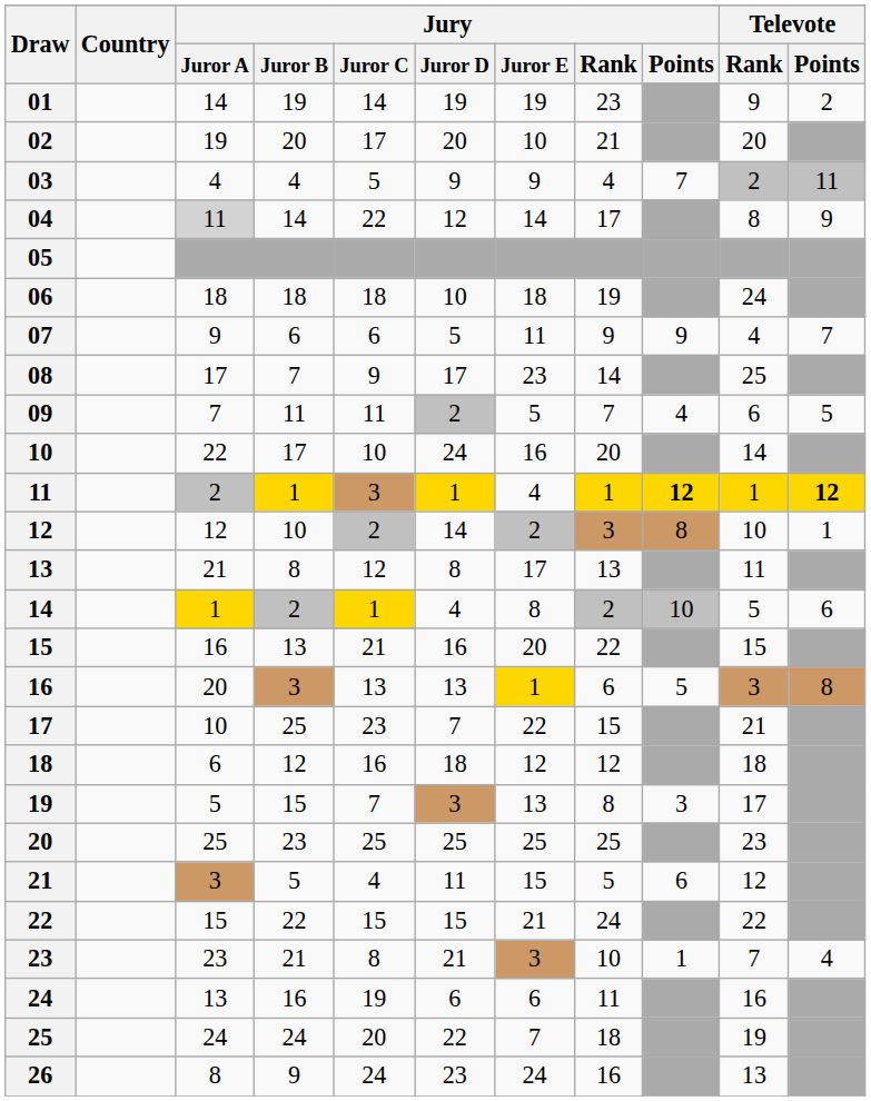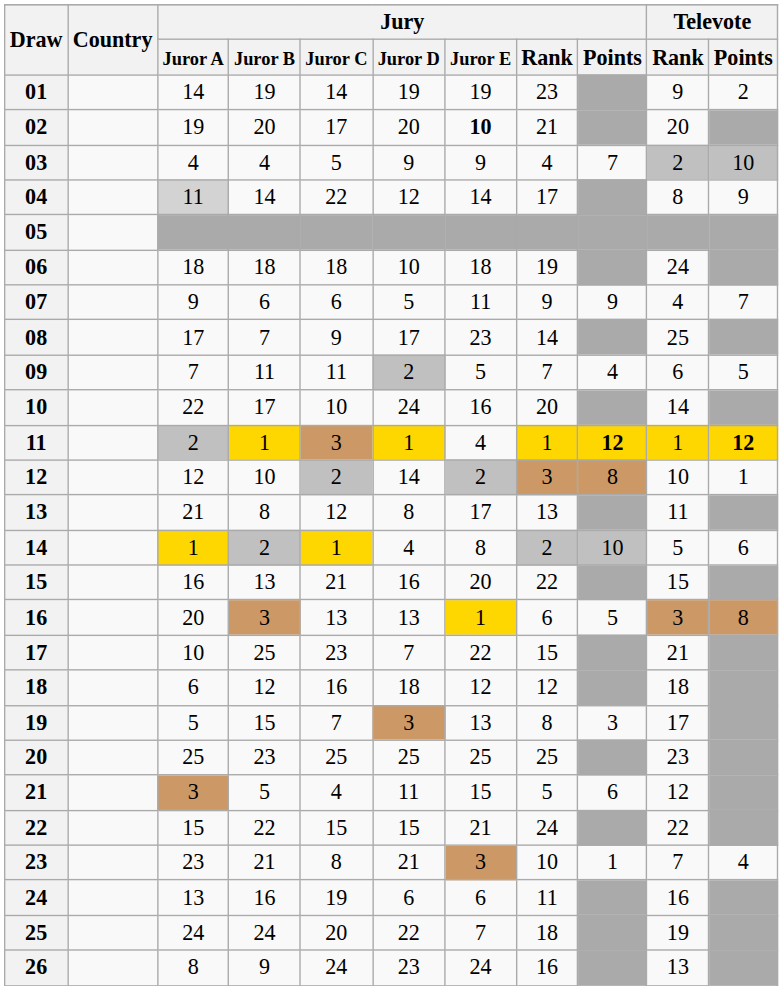 <table class="sortable wikitable collapsible plainrowheaders" style="text-align:center;">
 <tr>
 </tr>
 <tr>
 <th scope="col" rowspan="2">Draw</th>
 <th scope="col" rowspan="2">Country</th>
 <th scope="col" colspan="7">Jury</th>
 <th scope="col" colspan="2">Televote</th>
 </tr>
 <tr>
 <th scope="col"><small>Juror A</small></th>
 <th scope="col"><small>Juror B</small></th>
 <th scope="col"><small>Juror C</small></th>
 <th scope="col"><small>Juror D</small></th>
 <th scope="col"><small>Juror E</small></th>
 <th scope="col">Rank</th>
 <th scope="col" class="unsortable">Points</th>
 <th scope="col">Rank</th>
 <th scope="col" class="unsortable">Points</th>
 </tr>
 <tr>
 <th scope="row" style="text-align:center;">01</th>
 <td style="text-align:left;"></td>
 <td>14</td>
 <td>19</td>
 <td>14</td>
 <td>19</td>
 <td>19</td>
 <td>23</td>
 <td style="background:#AAAAAA;"></td>
 <td>9</td>
 <td>2</td>
 </tr>
 <tr>
 <th scope="row" style="text-align:center;">02</th>
 <td style="text-align:left;"></td>
 <td>19</td>
 <td>20</td>
 <td>17</td>
 <td>20</td>
-<td>10</td>
+<td><strong>10</strong></td>
 <td>21</td>
 <td style="background:#AAAAAA;"></td>
 <td>20</td>
 <td style="background:#AAAAAA;"></td>
 </tr>
 <tr>
 <th scope="row" style="text-align:center;">03</th>
 <td style="text-align:left;"></td>
 <td>4</td>
 <td>4</td>
 <td>5</td>
 <td>9</td>
 <td>9</td>
 <td>4</td>
 <td>7</td>
 <td style="background:silver;">2</td>
-<td style="background:silver;">11</td>
+<td style="background:silver;">10</td>
 </tr>
 <tr>
 <th scope="row" style="text-align:center;">04</th>
 <td style="text-align:left;"></td>
 <td style="background: lightgrey;">11</td>
 <td>14</td>
 <td>22</td>
 <td>12</td>
 <td>14</td>
 <td>17</td>
 <td style="background:#AAAAAA;"></td>
 <td>8</td>
 <td>9</td>
 </tr>
 <tr class=sortbottom>
 <th scope="row" style="text-align:center;">05</th>
 <td style="text-align:left;"></td>
 <td style="background:#AAAAAA;"></td>
 <td style="background:#AAAAAA;"></td>
 <td style="background:#AAAAAA;"></td>
 <td style="background:#AAAAAA;"></td>
 <td style="background:#AAAAAA;"></td>
 <td style="background:#AAAAAA;"></td>
 <td style="background:#AAAAAA;"></td>
 <td style="background:#AAAAAA;"></td>
 <td style="background:#AAAAAA;"></td>
 </tr>
 <tr>
 <th scope="row" style="text-align:center;">06</th>
 <td style="text-align:left;"></td>
 <td>18</td>
 <td>18</td>
 <td>18</td>
 <td>10</td>
 <td>18</td>
 <td>19</td>
 <td style="background:#AAAAAA;"></td>
 <td>24</td>
 <td style="background:#AAAAAA;"></td>
 </tr>
 <tr>
 <th scope="row" style="text-align:center;">07</th>
 <td style="text-align:left;"></td>
 <td>9</td>
 <td>6</td>
 <td>6</td>
 <td>5</td>
 <td>11</td>
 <td>9</td>
 <td>9</td>
 <td>4</td>
 <td>7</td>
 </tr>
 <tr>
 <th scope="row" style="text-align:center;">08</th>
 <td style="text-align:left;"></td>
 <td>17</td>
 <td>7</td>
 <td>9</td>
 <td>17</td>
 <td>23</td>
 <td>14</td>
 <td style="background:#AAAAAA;"></td>
 <td>25</td>
 <td style="background:#AAAAAA;"></td>
 </tr>
 <tr>
 <th scope="row" style="text-align:center;">09</th>
 <td style="text-align:left;"></td>
 <td>7</td>
 <td>11</td>
 <td>11</td>
 <td style="background:silver;">2</td>
 <td>5</td>
 <td>7</td>
 <td>4</td>
 <td>6</td>
 <td>5</td>
 </tr>
 <tr>
 <th scope="row" style="text-align:center;">10</th>
 <td style="text-align:left;"></td>
 <td>22</td>
 <td>17</td>
 <td>10</td>
 <td>24</td>
 <td>16</td>
 <td>20</td>
 <td style="background:#AAAAAA;"></td>
 <td>14</td>
 <td style="background:#AAAAAA;"></td>
 </tr>
 <tr>
 <th scope="row" style="text-align:center;">11</th>
 <td style="text-align:left;"></td>
 <td style="background:silver;">2</td>
 <td style="background:gold;">1</td>
 <td style="background:#CC9966;">3</td>
 <td style="background:gold;">1</td>
 <td>4</td>
 <td style="background:gold;">1</td>
 <td style="background:gold;"><strong>12</strong></td>
 <td style="background:gold;">1</td>
 <td style="background:gold;"><strong>12</strong></td>
 </tr>
 <tr>
 <th scope="row" style="text-align:center;">12</th>
 <td style="text-align:left;"></td>
 <td>12</td>
 <td>10</td>
 <td style="background:silver;">2</td>
 <td>14</td>
 <td style="background:silver;">2</td>
 <td style="background:#CC9966;">3</td>
 <td style="background:#CC9966;">8</td>
 <td>10</td>
 <td>1</td>
 </tr>
 <tr>
 <th scope="row" style="text-align:center;">13</th>
 <td style="text-align:left;"></td>
 <td>21</td>
 <td>8</td>
 <td>12</td>
 <td>8</td>
 <td>17</td>
 <td>13</td>
 <td style="background:#AAAAAA;"></td>
 <td>11</td>
 <td style="background:#AAAAAA;"></td>
 </tr>
 <tr>
 <th scope="row" style="text-align:center;">14</th>
 <td style="text-align:left;"></td>
 <td style="background:gold;">1</td>
 <td style="background:silver;">2</td>
 <td style="background:gold;">1</td>
 <td>4</td>
 <td>8</td>
 <td style="background:silver;">2</td>
 <td style="background:silver;">10</td>
 <td>5</td>
 <td>6</td>
 </tr>
 <tr>
 <th scope="row" style="text-align:center;">15</th>
 <td style="text-align:left;"></td>
 <td>16</td>
 <td>13</td>
 <td>21</td>
 <td>16</td>
 <td>20</td>
 <td>22</td>
 <td style="background:#AAAAAA;"></td>
 <td>15</td>
 <td style="background:#AAAAAA;"></td>
 </tr>
 <tr>
 <th scope="row" style="text-align:center;">16</th>
 <td style="text-align:left;"></td>
 <td>20</td>
 <td style="background:#CC9966;">3</td>
 <td>13</td>
 <td>13</td>
 <td style="background:gold;">1</td>
 <td>6</td>
 <td>5</td>
 <td style="background:#CC9966;">3</td>
 <td style="background:#CC9966;">8</td>
 </tr>
 <tr>
 <th scope="row" style="text-align:center;">17</th>
 <td style="text-align:left;"></td>
 <td>10</td>
 <td>25</td>
 <td>23</td>
 <td>7</td>
 <td>22</td>
 <td>15</td>
 <td style="background:#AAAAAA;"></td>
 <td>21</td>
 <td style="background:#AAAAAA;"></td>
 </tr>
 <tr>
 <th scope="row" style="text-align:center;">18</th>
 <td style="text-align:left;"></td>
 <td>6</td>
 <td>12</td>
 <td>16</td>
 <td>18</td>
 <td>12</td>
 <td>12</td>
 <td style="background:#AAAAAA;"></td>
 <td>18</td>
 <td style="background:#AAAAAA;"></td>
 </tr>
 <tr>
 <th scope="row" style="text-align:center;">19</th>
 <td style="text-align:left;"></td>
 <td>5</td>
 <td>15</td>
 <td>7</td>
 <td style="background:#CC9966;">3</td>
 <td>13</td>
 <td>8</td>
 <td>3</td>
 <td>17</td>
 <td style="background:#AAAAAA;"></td>
 </tr>
 <tr>
 <th scope="row" style="text-align:center;">20</th>
 <td style="text-align:left;"></td>
 <td>25</td>
 <td>23</td>
 <td>25</td>
 <td>25</td>
 <td>25</td>
 <td>25</td>
 <td style="background:#AAAAAA;"></td>
 <td>23</td>
 <td style="background:#AAAAAA;"></td>
 </tr>
 <tr>
 <th scope="row" style="text-align:center;">21</th>
 <td style="text-align:left;"></td>
 <td style="background:#CC9966;">3</td>
 <td>5</td>
 <td>4</td>
 <td>11</td>
 <td>15</td>
 <td>5</td>
 <td>6</td>
 <td>12</td>
 <td style="background:#AAAAAA;"></td>
 </tr>
 <tr>
 <th scope="row" style="text-align:center;">22</th>
 <td style="text-align:left;"></td>
 <td>15</td>
 <td>22</td>
 <td>15</td>
 <td>15</td>
 <td>21</td>
 <td>24</td>
 <td style="background:#AAAAAA;"></td>
 <td>22</td>
 <td style="background:#AAAAAA;"></td>
 </tr>
 <tr>
 <th scope="row" style="text-align:center;">23</th>
 <td style="text-align:left;"></td>
 <td>23</td>
 <td>21</td>
 <td>8</td>
 <td>21</td>
 <td style="background:#CC9966;">3</td>
 <td>10</td>
 <td>1</td>
 <td>7</td>
 <td>4</td>
 </tr>
 <tr>
 <th scope="row" style="text-align:center;">24</th>
 <td style="text-align:left;"></td>
 <td>13</td>
 <td>16</td>
 <td>19</td>
 <td>6</td>
 <td>6</td>
 <td>11</td>
 <td style="background:#AAAAAA;"></td>
 <td>16</td>
 <td style="background:#AAAAAA;"></td>
 </tr>
 <tr>
 <th scope="row" style="text-align:center;">25</th>
 <td style="text-align:left;"></td>
 <td>24</td>
 <td>24</td>
 <td>20</td>
 <td>22</td>
 <td>7</td>
 <td>18</td>
 <td style="background:#AAAAAA;"></td>
 <td>19</td>
 <td style="background:#AAAAAA;"></td>
 </tr>
 <tr>
 <th scope="row" style="text-align:center;">26</th>
 <td style="text-align:left;"></td>
 <td>8</td>
 <td>9</td>
 <td>24</td>
 <td>23</td>
 <td>24</td>
 <td>16</td>
 <td style="background:#AAAAAA;"></td>
 <td>13</td>
 <td style="background:#AAAAAA;"></td>
 </tr>
 </table>
